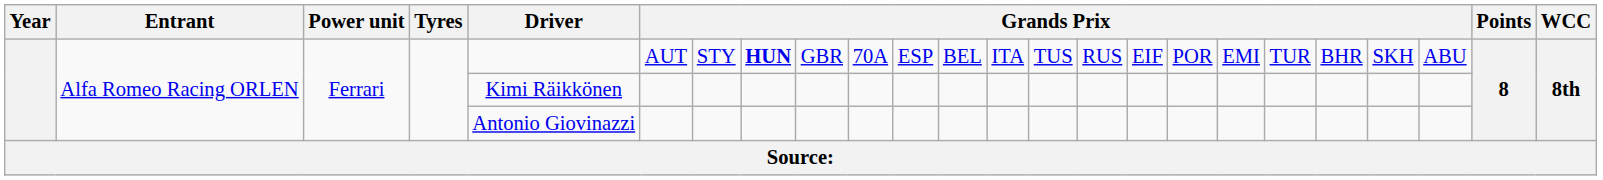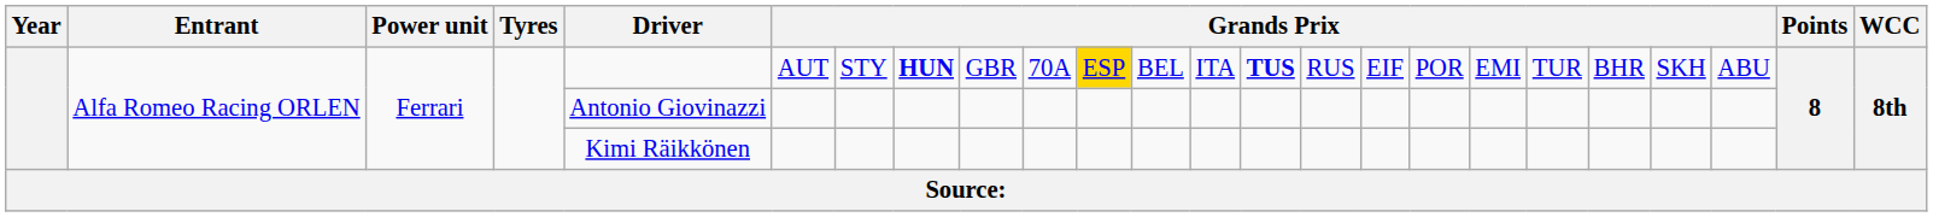 <table class="wikitable" style="text-align:center; font-size:90%">
 <tr>
 <th>Year</th>
 <th>Entrant</th>
 <th>Power unit</th>
 <th>Tyres</th>
 <th>Driver</th>
 <th colspan="17">Grands Prix</th>
 <th>Points</th>
 <th>WCC</th>
 </tr>
 <tr>
 <th rowspan="3"></th>
 <td rowspan="3"><a href='#'>Alfa Romeo Racing ORLEN</a></td>
 <td rowspan="3"><a href='#'>Ferrari</a></td>
 <td rowspan="3"></td>
 <td></td>
 <td><a href='#'>AUT</a></td>
 <td><a href='#'>STY</a></td>
 <td><strong><a href='#'>HUN</a></strong></td>
 <td><a href='#'>GBR</a></td>
 <td><a href='#'>70A</a></td>
-<td><a href='#'>ESP</a></td>
+<td style="background: gold;"><a href='#'>ESP</a></td>
 <td><a href='#'>BEL</a></td>
 <td><a href='#'>ITA</a></td>
-<td><a href='#'>TUS</a></td>
+<td><strong><a href='#'>TUS</a></strong></td>
 <td><a href='#'>RUS</a></td>
 <td><a href='#'>EIF</a></td>
 <td><a href='#'>POR</a></td>
 <td><a href='#'>EMI</a></td>
 <td><a href='#'>TUR</a></td>
 <td><a href='#'>BHR</a></td>
 <td><a href='#'>SKH</a></td>
 <td><a href='#'>ABU</a></td>
 <th rowspan="3">8</th>
 <th rowspan="3">8th</th>
+</tr>
+<tr>
+<td> <a href='#'>Antonio Giovinazzi</a></td>
+<td></td>
+<td></td>
+<td></td>
+<td></td>
+<td></td>
+<td></td>
+<td></td>
+<td></td>
+<td></td>
+<td></td>
+<td></td>
+<td></td>
+<td></td>
+<td></td>
+<td></td>
+<td></td>
+<td></td>
 </tr>
 <tr>
 <td> <a href='#'>Kimi Räikkönen</a></td>
 <td></td>
 <td></td>
 <td></td>
 <td></td>
 <td></td>
 <td></td>
 <td></td>
 <td></td>
 <td></td>
 <td></td>
 <td></td>
 <td></td>
 <td></td>
 <td></td>
 <td></td>
 <td></td>
 <td></td>
 </tr>
 <tr>
-<td> <a href='#'>Antonio Giovinazzi</a></td>
-<td></td>
-<td></td>
-<td></td>
-<td></td>
-<td></td>
-<td></td>
-<td></td>
-<td></td>
-<td></td>
-<td></td>
-<td></td>
-<td></td>
-<td></td>
-<td></td>
-<td></td>
-<td></td>
-<td></td>
-</tr>
-<tr>
 <th colspan=24>Source:</th>
 </tr>
 </table>
